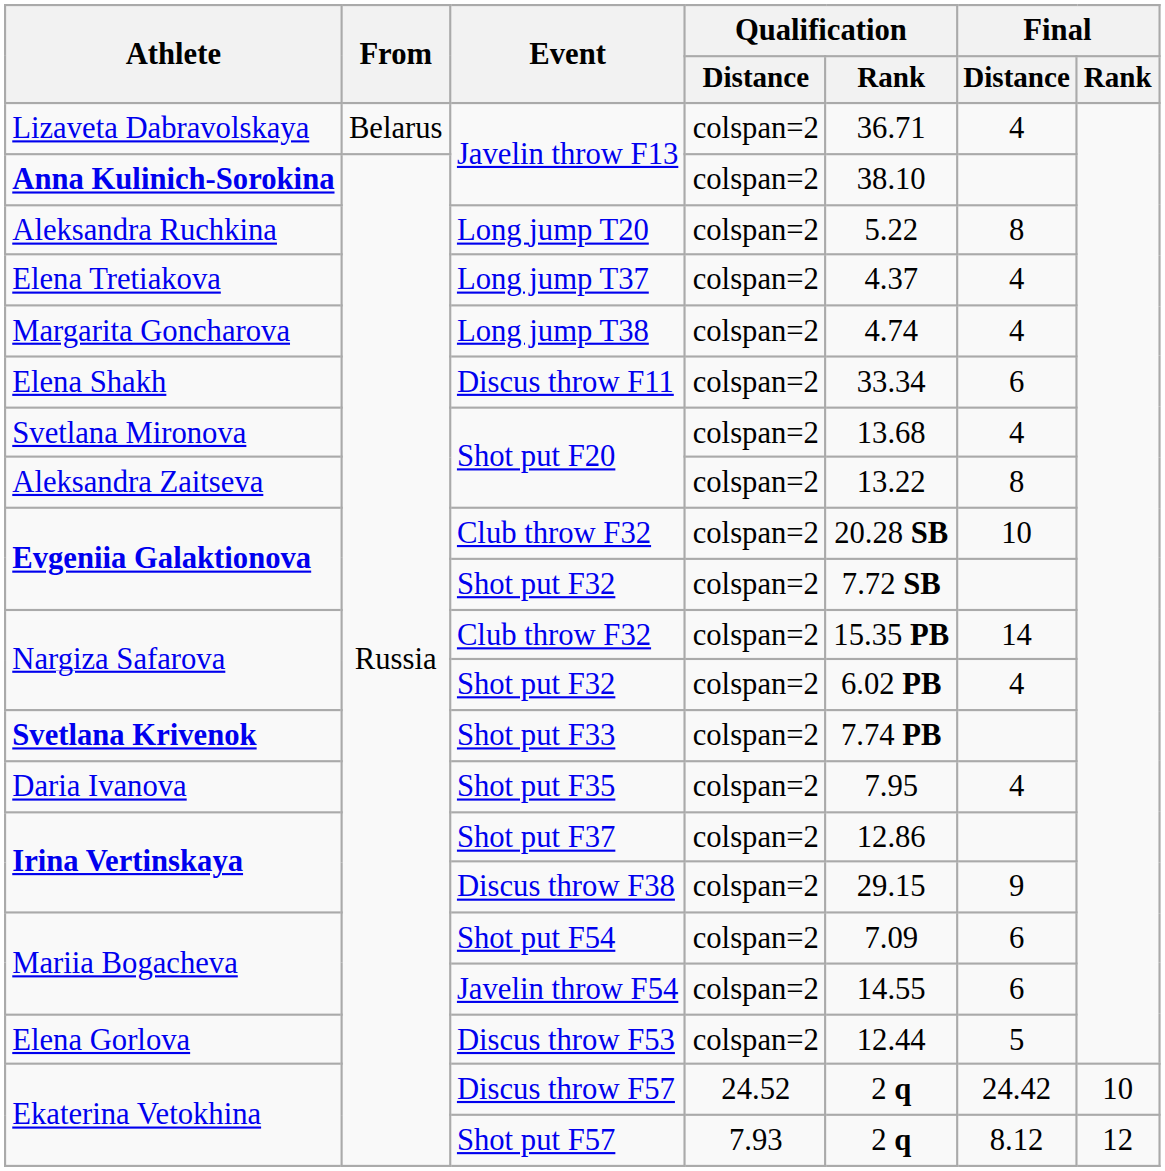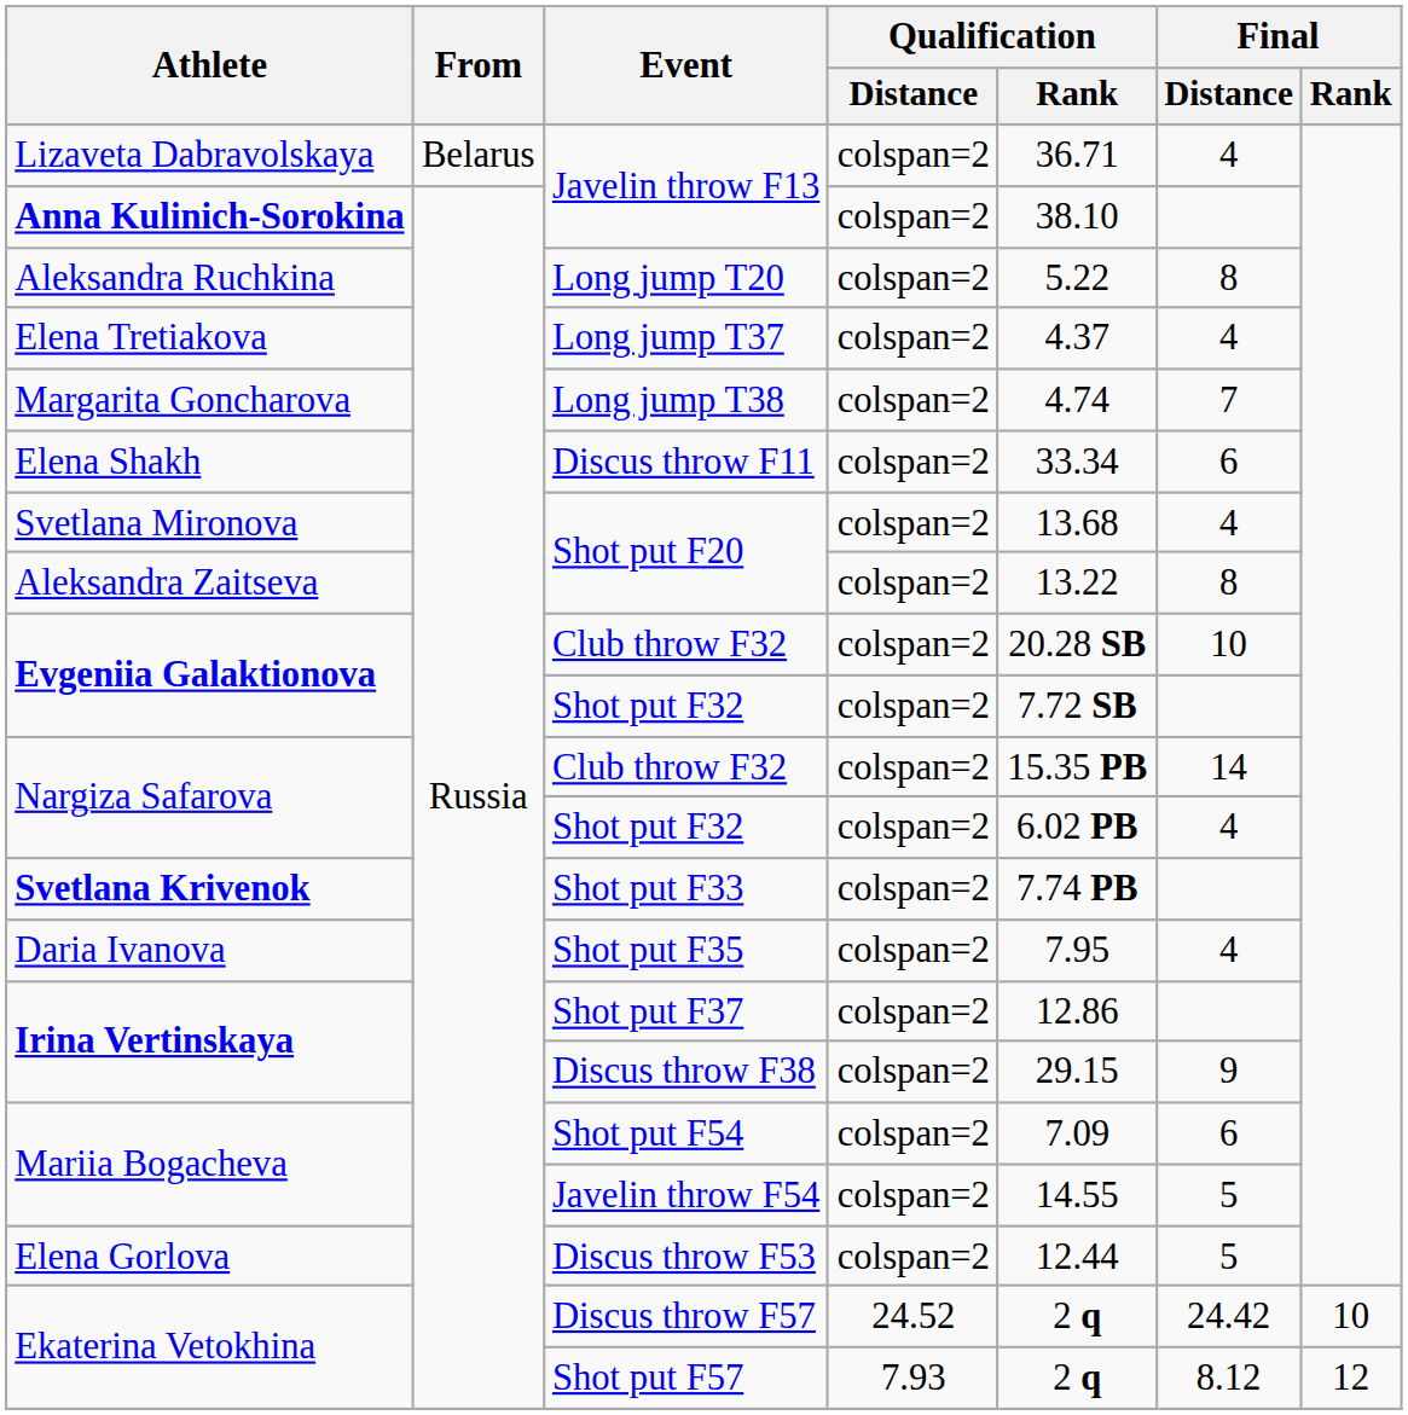 <table class="wikitable" style="font-size:90%; text-align:center">
 <tr>
 <th rowspan=2>Athlete</th>
 <th rowspan=2>From</th>
 <th rowspan=2>Event</th>
 <th colspan=2>Qualification</th>
 <th colspan=2>Final</th>
 </tr>
 <tr style="font-size:95%">
 <th>Distance</th>
 <th>Rank</th>
 <th>Distance</th>
 <th>Rank</th>
 </tr>
 <tr>
 <td align=left><a href='#'>Lizaveta Dabravolskaya</a></td>
 <td>Belarus</td>
 <td rowspan=2 align=left><a href='#'>Javelin throw F13</a></td>
 <td>colspan=2 </td>
 <td>36.71</td>
 <td>4</td>
 </tr>
 <tr>
 <td align=left><strong><a href='#'>Anna Kulinich-Sorokina</a></strong></td>
 <td rowspan=20>Russia</td>
 <td>colspan=2 </td>
 <td>38.10</td>
 <td></td>
 </tr>
 <tr>
 <td align=left><a href='#'>Aleksandra Ruchkina</a></td>
 <td align=left><a href='#'>Long jump T20</a></td>
 <td>colspan=2 </td>
 <td>5.22</td>
 <td>8</td>
 </tr>
 <tr>
 <td align=left><a href='#'>Elena Tretiakova</a></td>
 <td align=left><a href='#'>Long jump T37</a></td>
 <td>colspan=2 </td>
 <td>4.37</td>
 <td>4</td>
 </tr>
 <tr>
 <td align=left><a href='#'>Margarita Goncharova</a></td>
 <td align=left><a href='#'>Long jump T38</a></td>
 <td>colspan=2 </td>
 <td>4.74</td>
-<td>4</td>
+<td>7</td>
 </tr>
 <tr>
 <td align=left><a href='#'>Elena Shakh</a></td>
 <td align=left><a href='#'>Discus throw F11</a></td>
 <td>colspan=2 </td>
 <td>33.34</td>
 <td>6</td>
 </tr>
 <tr>
 <td align=left><a href='#'>Svetlana Mironova</a></td>
 <td rowspan=2 align=left><a href='#'>Shot put F20</a></td>
 <td>colspan=2 </td>
 <td>13.68</td>
 <td>4</td>
 </tr>
 <tr>
 <td align=left><a href='#'>Aleksandra Zaitseva</a></td>
 <td>colspan=2 </td>
 <td>13.22</td>
 <td>8</td>
 </tr>
 <tr>
 <td rowspan=2 align=left><strong><a href='#'>Evgeniia Galaktionova</a></strong></td>
 <td align=left><a href='#'>Club throw F32</a></td>
 <td>colspan=2 </td>
 <td>20.28 <strong>SB</strong></td>
 <td>10</td>
 </tr>
 <tr>
 <td align=left><a href='#'>Shot put F32</a></td>
 <td>colspan=2 </td>
 <td>7.72 <strong>SB</strong></td>
 <td></td>
 </tr>
 <tr>
 <td rowspan=2 align=left><a href='#'>Nargiza Safarova</a></td>
 <td align=left><a href='#'>Club throw F32</a></td>
 <td>colspan=2 </td>
 <td>15.35 <strong>PB</strong></td>
 <td>14</td>
 </tr>
 <tr>
 <td align=left><a href='#'>Shot put F32</a></td>
 <td>colspan=2 </td>
 <td>6.02 <strong>PB</strong></td>
 <td>4</td>
 </tr>
 <tr>
 <td align=left><strong><a href='#'>Svetlana Krivenok</a></strong></td>
 <td align=left><a href='#'>Shot put F33</a></td>
 <td>colspan=2 </td>
 <td>7.74 <strong>PB</strong></td>
 <td></td>
 </tr>
 <tr>
 <td align=left><a href='#'>Daria Ivanova</a></td>
 <td align=left><a href='#'>Shot put F35</a></td>
 <td>colspan=2 </td>
 <td>7.95</td>
 <td>4</td>
 </tr>
 <tr>
 <td rowspan=2 align=left><strong><a href='#'>Irina Vertinskaya</a></strong></td>
 <td align=left><a href='#'>Shot put F37</a></td>
 <td>colspan=2 </td>
 <td>12.86</td>
 <td></td>
 </tr>
 <tr>
 <td align=left><a href='#'>Discus throw F38</a></td>
 <td>colspan=2 </td>
 <td>29.15</td>
 <td>9</td>
 </tr>
 <tr>
 <td rowspan=2 align=left><a href='#'>Mariia Bogacheva</a></td>
 <td align=left><a href='#'>Shot put F54</a></td>
 <td>colspan=2 </td>
 <td>7.09</td>
 <td>6</td>
 </tr>
 <tr>
 <td align=left><a href='#'>Javelin throw F54</a></td>
 <td>colspan=2 </td>
 <td>14.55</td>
-<td>6</td>
+<td>5</td>
 </tr>
 <tr>
 <td align=left><a href='#'>Elena Gorlova</a></td>
 <td align=left><a href='#'>Discus throw F53</a></td>
 <td>colspan=2 </td>
 <td>12.44</td>
 <td>5</td>
 </tr>
 <tr>
 <td rowspan=2 align=left><a href='#'>Ekaterina Vetokhina</a></td>
 <td align=left><a href='#'>Discus throw F57</a></td>
 <td>24.52</td>
 <td>2 <strong>q</strong></td>
 <td>24.42</td>
 <td>10</td>
 </tr>
 <tr>
 <td align=left><a href='#'>Shot put F57</a></td>
 <td>7.93</td>
 <td>2 <strong>q</strong></td>
 <td>8.12</td>
 <td>12</td>
 </tr>
 </table>
